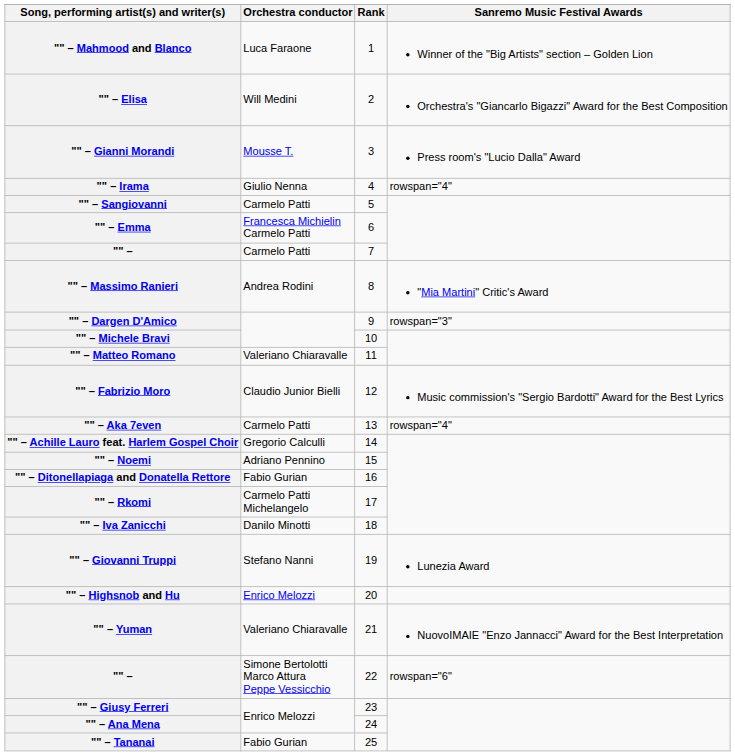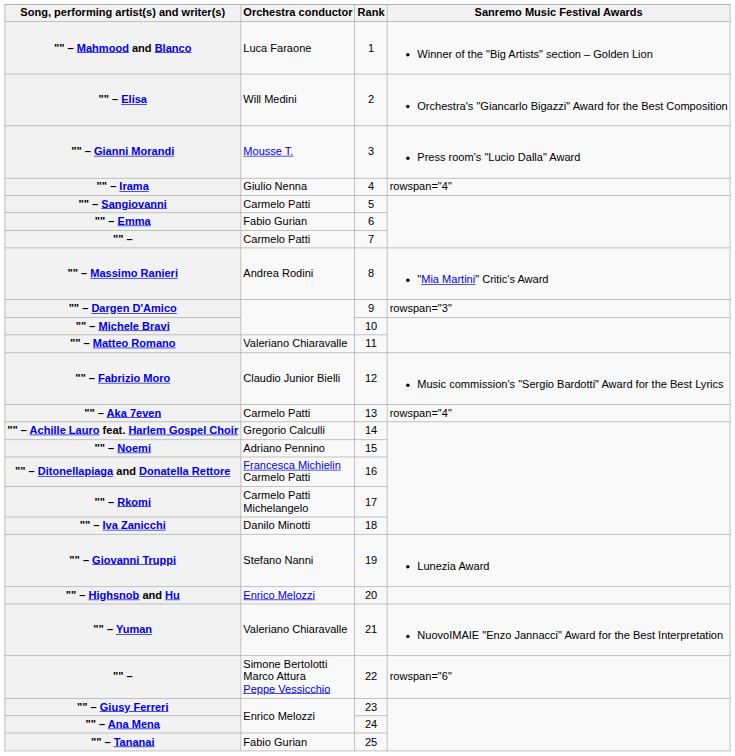 <table class="plainrowheaders wikitable" style="margin: 1em auto 1em auto">
 <tr>
 </tr>
 <tr>
 <th>Song, performing artist(s) and writer(s)</th>
 <th>Orchestra conductor</th>
 <th>Rank</th>
 <th>Sanremo Music Festival Awards</th>
 </tr>
 <tr>
 <th scope="row">"" – <a href='#'>Mahmood</a> and <a href='#'>Blanco</a><br></th>
 <td>Luca Faraone</td>
 <td align="center">1</td>
 <td><br><ul><li>Winner of the "Big Artists" section – Golden Lion</li></ul></td>
 </tr>
 <tr>
 <th scope="row">"" – <a href='#'>Elisa</a><br></th>
 <td>Will Medini</td>
 <td align="center">2</td>
 <td><br><ul><li>Orchestra's "Giancarlo Bigazzi" Award for the Best Composition</li></ul></td>
 </tr>
 <tr>
 <th scope="row">"" – <a href='#'>Gianni Morandi</a><br></th>
 <td><a href='#'>Mousse T.</a></td>
 <td align="center">3</td>
 <td><br><ul><li>Press room's "Lucio Dalla" Award</li></ul></td>
 </tr>
 <tr>
 <th scope="row">"" – <a href='#'>Irama</a><br></th>
 <td>Giulio Nenna</td>
 <td align="center">4</td>
 <td>rowspan="4" </td>
 </tr>
 <tr>
 <th scope="row">"" – <a href='#'>Sangiovanni</a><br></th>
 <td>Carmelo Patti</td>
 <td align="center">5</td>
 </tr>
 <tr>
 <th scope="row">"" – <a href='#'>Emma</a><br></th>
-<td><a href='#'>Francesca Michielin</a> <br>Carmelo Patti </td>
+<td>Fabio Gurian</td>
 <td align="center">6</td>
 </tr>
 <tr>
 <th scope="row">"" – <br></th>
 <td>Carmelo Patti</td>
 <td align="center">7</td>
 </tr>
 <tr>
 <th scope="row">"" – <a href='#'>Massimo Ranieri</a><br></th>
 <td>Andrea Rodini</td>
 <td align="center">8</td>
 <td><br><ul><li>"<a href='#'>Mia Martini</a>" Critic's Award</li></ul></td>
 </tr>
 <tr>
 <th scope="row">"" – <a href='#'>Dargen D'Amico</a><br></th>
 <td rowspan="2"></td>
 <td align="center">9</td>
 <td>rowspan="3" </td>
 </tr>
 <tr>
 <th scope="row">"" – <a href='#'>Michele Bravi</a><br></th>
 <td align="center">10</td>
 </tr>
 <tr>
 <th scope="row">"" – <a href='#'>Matteo Romano</a><br></th>
 <td>Valeriano Chiaravalle</td>
 <td align="center">11</td>
 </tr>
 <tr>
 <th scope="row">"" – <a href='#'>Fabrizio Moro</a><br></th>
 <td>Claudio Junior Bielli</td>
 <td align="center">12</td>
 <td><br><ul><li>Music commission's "Sergio Bardotti" Award for the Best Lyrics</li></ul></td>
 </tr>
 <tr>
 <th scope="row">"" – <a href='#'>Aka 7even</a><br></th>
 <td>Carmelo Patti</td>
 <td align="center">13</td>
 <td>rowspan="4" </td>
 </tr>
 <tr>
 <th scope="row">"" – <a href='#'>Achille Lauro</a> feat. <a href='#'>Harlem Gospel Choir</a><br></th>
 <td>Gregorio Calculli</td>
 <td align="center">14</td>
 </tr>
 <tr>
 <th scope="row">"" – <a href='#'>Noemi</a><br></th>
 <td>Adriano Pennino</td>
 <td align="center">15</td>
 </tr>
 <tr>
 <th scope="row">"" – <a href='#'>Ditonellapiaga</a> and <a href='#'>Donatella Rettore</a><br></th>
-<td>Fabio Gurian</td>
+<td><a href='#'>Francesca Michielin</a> <br>Carmelo Patti </td>
 <td align="center">16</td>
 </tr>
 <tr>
 <th scope="row">"" – <a href='#'>Rkomi</a><br></th>
 <td>Carmelo Patti <br>Michelangelo </td>
 <td align="center">17</td>
 </tr>
 <tr>
 <th scope="row">"" – <a href='#'>Iva Zanicchi</a><br></th>
 <td>Danilo Minotti</td>
 <td align="center">18</td>
 </tr>
 <tr>
 <th scope="row">"" – <a href='#'>Giovanni Truppi</a><br></th>
 <td>Stefano Nanni</td>
 <td align="center">19</td>
 <td><br><ul><li>Lunezia Award</li></ul></td>
 </tr>
 <tr>
 <th scope="row">"" – <a href='#'>Highsnob</a> and <a href='#'>Hu</a><br></th>
 <td><a href='#'>Enrico Melozzi</a></td>
 <td align="center">20</td>
 <td></td>
 </tr>
 <tr>
 <th scope="row">"" – <a href='#'>Yuman</a><br></th>
 <td>Valeriano Chiaravalle</td>
 <td align="center">21</td>
 <td><br><ul><li>NuovoIMAIE "Enzo Jannacci" Award for the Best Interpretation</li></ul></td>
 </tr>
 <tr>
 <th scope="row">"" – <br></th>
 <td>Simone Bertolotti <br>Marco Attura <br><a href='#'>Peppe Vessicchio</a> </td>
 <td align="center">22</td>
 <td>rowspan="6" </td>
 </tr>
 <tr>
 <th scope="row">"" – <a href='#'>Giusy Ferreri</a><br></th>
 <td rowspan="2">Enrico Melozzi</td>
 <td align="center">23</td>
 </tr>
 <tr>
 <th scope="row">"" – <a href='#'>Ana Mena</a><br></th>
 <td align="center">24</td>
 </tr>
 <tr>
 <th scope="row">"" – <a href='#'>Tananai</a><br></th>
 <td>Fabio Gurian</td>
 <td align="center">25</td>
 </tr>
 </table>
